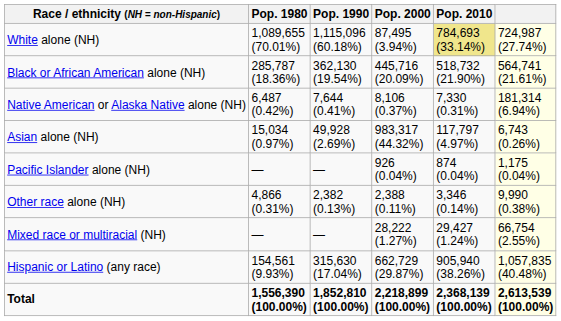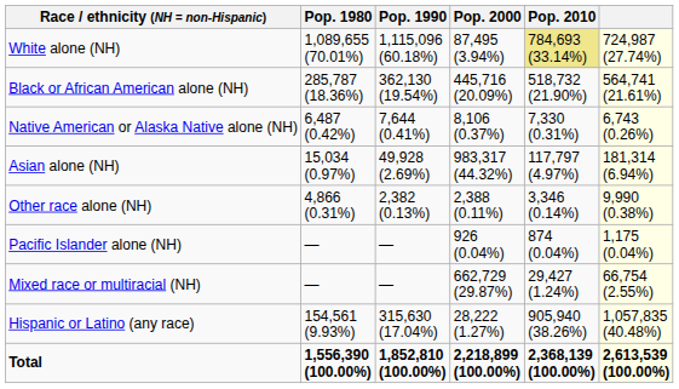 <table class="wikitable sortable collapsible" style="font-size: 95%;">
 <tr>
 <th>Race / ethnicity <small>(<em>NH = non-Hispanic</em>)</small></th>
 <th>Pop. 1980</th>
 <th>Pop. 1990</th>
 <th>Pop. 2000</th>
 <th>Pop. 2010</th>
 <th></th>
 </tr>
 <tr>
 <td><a href='#'>White</a> alone (NH)</td>
 <td>1,089,655<br>(70.01%)</td>
 <td>1,115,096<br>(60.18%)</td>
 <td>87,495<br>(3.94%)</td>
 <td style="background: khaki;">784,693<br>(33.14%)</td>
 <td style='background: #ffffe6;'>724,987<br>(27.74%)</td>
 </tr>
 <tr>
 <td><a href='#'>Black or African American</a> alone (NH)</td>
 <td>285,787<br>(18.36%)</td>
 <td>362,130<br>(19.54%)</td>
 <td>445,716<br>(20.09%)</td>
 <td>518,732<br>(21.90%)</td>
 <td style='background: #ffffe6;'>564,741<br>(21.61%)</td>
 </tr>
 <tr>
 <td><a href='#'>Native American</a> or <a href='#'>Alaska Native</a> alone (NH)</td>
 <td>6,487<br>(0.42%)</td>
 <td>7,644<br>(0.41%)</td>
 <td>8,106<br>(0.37%)</td>
 <td>7,330<br>(0.31%)</td>
-<td style='background: #ffffe6;'>181,314<br>(6.94%)</td>
+<td style='background: #ffffe6;'>6,743<br>(0.26%)</td>
 </tr>
 <tr>
 <td><a href='#'>Asian</a> alone (NH)</td>
 <td>15,034<br>(0.97%)</td>
 <td>49,928<br>(2.69%)</td>
 <td>983,317<br>(44.32%)</td>
 <td>117,797<br>(4.97%)</td>
-<td style='background: #ffffe6;'>6,743<br>(0.26%)</td>
+<td style='background: #ffffe6;'>181,314<br>(6.94%)</td>
+</tr>
+<tr>
+<td><a href='#'>Other race</a> alone (NH)</td>
+<td>4,866<br>(0.31%)</td>
+<td>2,382<br>(0.13%)</td>
+<td>2,388<br>(0.11%)</td>
+<td>3,346<br>(0.14%)</td>
+<td style='background: #ffffe6;'>9,990<br>(0.38%)</td>
 </tr>
 <tr>
 <td><a href='#'>Pacific Islander</a> alone (NH)</td>
 <td>—</td>
 <td>—</td>
 <td>926<br>(0.04%)</td>
 <td>874<br>(0.04%)</td>
 <td style='background: #ffffe6;'>1,175<br>(0.04%)</td>
 </tr>
 <tr>
-<td><a href='#'>Other race</a> alone (NH)</td>
-<td>4,866<br>(0.31%)</td>
-<td>2,382<br>(0.13%)</td>
-<td>2,388<br>(0.11%)</td>
-<td>3,346<br>(0.14%)</td>
-<td style='background: #ffffe6;'>9,990<br>(0.38%)</td>
-</tr>
-<tr>
 <td><a href='#'>Mixed race or multiracial</a> (NH)</td>
 <td>—</td>
 <td>—</td>
-<td>28,222<br>(1.27%)</td>
+<td>662,729<br>(29.87%)</td>
 <td>29,427<br>(1.24%)</td>
 <td style='background: #ffffe6;'>66,754<br>(2.55%)</td>
 </tr>
 <tr>
 <td><a href='#'>Hispanic or Latino</a> (any race)</td>
 <td>154,561<br>(9.93%)</td>
 <td>315,630<br>(17.04%)</td>
-<td>662,729<br>(29.87%)</td>
+<td>28,222<br>(1.27%)</td>
 <td>905,940<br>(38.26%)</td>
 <td style='background: #ffffe6;'>1,057,835<br>(40.48%)</td>
 </tr>
 <tr>
 <td><strong>Total</strong></td>
 <td><strong>1,556,390<br>(100.00%)</strong></td>
 <td><strong>1,852,810<br>(100.00%)</strong></td>
 <td><strong>2,218,899<br>(100.00%)</strong></td>
 <td><strong>2,368,139<br>(100.00%)</strong></td>
 <td style='background: #ffffe6;'><strong>2,613,539<br>(100.00%)</strong></td>
 </tr>
 </table>
